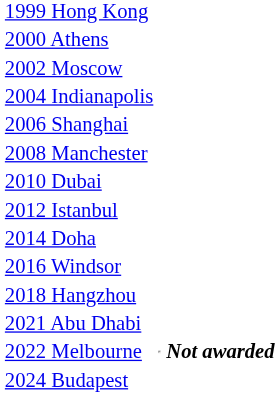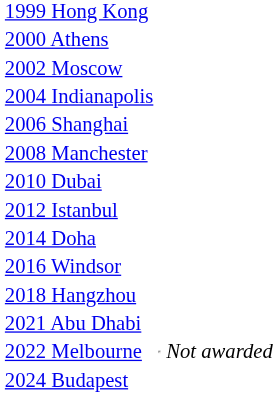 <table>
 <tr>
 <td><a href='#'>1999 Hong Kong</a></td>
 <td></td>
 <td></td>
 <td></td>
 </tr>
 <tr>
 <td><a href='#'>2000 Athens</a></td>
 <td></td>
 <td></td>
 <td></td>
 </tr>
 <tr>
 <td><a href='#'>2002 Moscow</a></td>
 <td></td>
 <td></td>
 <td></td>
 </tr>
 <tr>
 <td><a href='#'>2004 Indianapolis</a></td>
 <td></td>
 <td></td>
 <td></td>
 </tr>
 <tr>
 <td><a href='#'>2006 Shanghai</a></td>
 <td></td>
 <td></td>
 <td></td>
 </tr>
 <tr>
 <td><a href='#'>2008 Manchester</a></td>
 <td></td>
 <td></td>
 <td></td>
 </tr>
 <tr>
 <td><a href='#'>2010 Dubai</a></td>
 <td></td>
 <td></td>
 <td></td>
 </tr>
 <tr>
 <td><a href='#'>2012 Istanbul</a></td>
 <td></td>
 <td></td>
 <td></td>
 </tr>
 <tr>
 <td><a href='#'>2014 Doha</a></td>
 <td></td>
 <td></td>
 <td></td>
 </tr>
 <tr>
 <td><a href='#'>2016 Windsor</a></td>
 <td></td>
 <td></td>
 <td></td>
 </tr>
 <tr>
 <td><a href='#'>2018 Hangzhou</a></td>
 <td></td>
 <td></td>
 <td></td>
 </tr>
 <tr>
 <td><a href='#'>2021 Abu Dhabi</a></td>
 <td></td>
 <td></td>
 <td></td>
 </tr>
 <tr>
 <td><a href='#'>2022 Melbourne</a></td>
 <td><hr></td>
-<td><strong><em>Not awarded</em></strong></td>
+<td><em>Not awarded</em></td>
 <td></td>
 </tr>
 <tr>
 <td><a href='#'>2024 Budapest</a></td>
 <td></td>
 <td></td>
 <td></td>
 </tr>
 </table>
